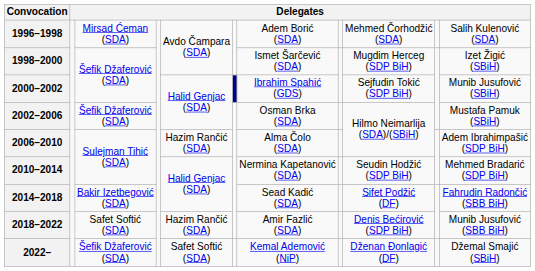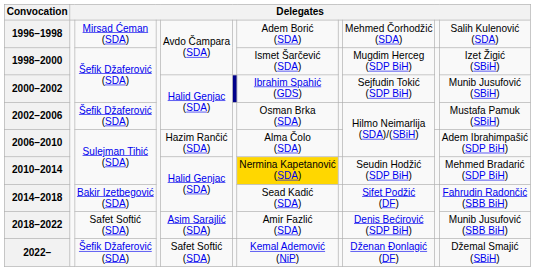 <table class="wikitable" style="text-align:center">
 <tr>
 <th>Convocation</th>
 <th colspan=10>Delegates</th>
 </tr>
 <tr>
 <th>1996–1998</th>
 <td rowspan=9; style="background-color: "></td>
 <td><a href='#'>Mirsad Ćeman</a><br>(<a href='#'>SDA</a>)</td>
 <td rowspan=9; style="background-color: "></td>
 <td rowspan=2>Avdo Čampara<br>(<a href='#'>SDA</a>)</td>
 <td rowspan=2; style="background-color: "></td>
 <td>Adem Borić<br>(<a href='#'>SDA</a>)</td>
 <td rowspan=1; style="background-color: "></td>
 <td>Mehmed Čorhodžić<br>(<a href='#'>SDA</a>)</td>
 <td rowspan=1; style="background-color: "></td>
 <td>Salih Kulenović<br>(<a href='#'>SDA</a>)</td>
 </tr>
 <tr>
 <th>1998–2000</th>
 <td rowspan=2><a href='#'>Šefik Džaferović</a><br>(<a href='#'>SDA</a>)</td>
 <td>Ismet Šarčević<br>(<a href='#'>SDA</a>)</td>
 <td rowspan=2; style="background-color: "></td>
 <td>Mugdim Herceg<br>(<a href='#'>SDP BiH</a>)</td>
 <td rowspan=3; style="background-color: "></td>
 <td>Izet Žigić<br>(<a href='#'>SBiH</a>)</td>
 </tr>
 <tr>
 <th>2000–2002</th>
 <td rowspan=2><a href='#'>Halid Genjac</a><br>(<a href='#'>SDA</a>)</td>
 <td rowspan=1; style="background-color: darkblue"></td>
 <td><a href='#'>Ibrahim Spahić</a><br>(<a href='#'>GDS</a>)</td>
 <td>Sejfudin Tokić<br>(<a href='#'>SDP BiH</a>)</td>
 <td>Munib Jusufović<br>(<a href='#'>SBiH</a>)</td>
 </tr>
 <tr>
 <th>2002–2006</th>
 <td><a href='#'>Šefik Džaferović</a><br>(<a href='#'>SDA</a>)</td>
 <td rowspan=5; style="background-color: "></td>
 <td>Osman Brka<br>(<a href='#'>SDA</a>)</td>
 <td rowspan=1; style="background-color: "></td>
 <td rowspan=2>Hilmo Neimarlija<br>(<a href='#'>SDA</a>)/(<a href='#'>SBiH</a>)</td>
 <td>Mustafa Pamuk<br>(<a href='#'>SBiH</a>)</td>
 </tr>
 <tr>
 <th>2006–2010</th>
 <td rowspan=2><a href='#'>Sulejman Tihić</a><br>(<a href='#'>SDA</a>)</td>
 <td>Hazim Rančić<br>(<a href='#'>SDA</a>)</td>
 <td>Alma Čolo<br>(<a href='#'>SDA</a>)</td>
 <td rowspan=1; style="background-color: "></td>
 <td rowspan=2; style="background-color: "></td>
 <td>Adem Ibrahimpašić<br>(<a href='#'>SDP BiH</a>)</td>
 </tr>
 <tr>
 <th>2010–2014</th>
 <td rowspan=2><a href='#'>Halid Genjac</a><br>(<a href='#'>SDA</a>)</td>
-<td>Nermina Kapetanović<br>(<a href='#'>SDA</a>)</td>
+<td style="background: gold;">Nermina Kapetanović<br>(<a href='#'>SDA</a>)</td>
 <td rowspan=1; style="background-color: "></td>
 <td>Seudin Hodžić<br>(<a href='#'>SDP BiH</a>)</td>
 <td>Mehmed Bradarić<br>(<a href='#'>SDP BiH</a>)</td>
 </tr>
 <tr>
 <th>2014–2018</th>
 <td><a href='#'>Bakir Izetbegović</a><br>(<a href='#'>SDA</a>)</td>
 <td>Sead Kadić<br>(<a href='#'>SDA</a>)</td>
 <td rowspan=1; style="background-color: "></td>
 <td><a href='#'>Sifet Podžić</a><br>(<a href='#'>DF</a>)</td>
 <td rowspan=2; style="background-color: "></td>
 <td><a href='#'>Fahrudin Radončić</a><br>(<a href='#'>SBB BiH</a>)</td>
 </tr>
 <tr>
 <th>2018–2022</th>
 <td>Safet Softić<br>(<a href='#'>SDA</a>)</td>
-<td>Hazim Rančić<br>(<a href='#'>SDA</a>)</td>
+<td><a href='#'>Asim Sarajlić</a><br>(<a href='#'>SDA</a>)</td>
 <td>Amir Fazlić<br>(<a href='#'>SDA</a>)</td>
 <td rowspan=1; style="background-color: "></td>
 <td><a href='#'>Denis Bećirović</a><br>(<a href='#'>SDP BiH</a>)</td>
 <td>Munib Jusufović<br>(<a href='#'>SBB BiH</a>)</td>
 </tr>
 <tr>
 <th>2022–</th>
 <td><a href='#'>Šefik Džaferović</a><br>(<a href='#'>SDA</a>)</td>
 <td>Safet Softić<br>(<a href='#'>SDA</a>)</td>
 <td rowspan=1; style="background-color: "></td>
 <td><a href='#'>Kemal Ademović</a><br>(<a href='#'>NiP</a>)</td>
 <td rowspan=1; style="background-color: "></td>
 <td><a href='#'>Dženan Đonlagić</a><br>(<a href='#'>DF</a>)</td>
 <td rowspan=1; style="background-color: "></td>
 <td>Džemal Smajić<br>(<a href='#'>SBiH</a>)</td>
 </tr>
 </table>
